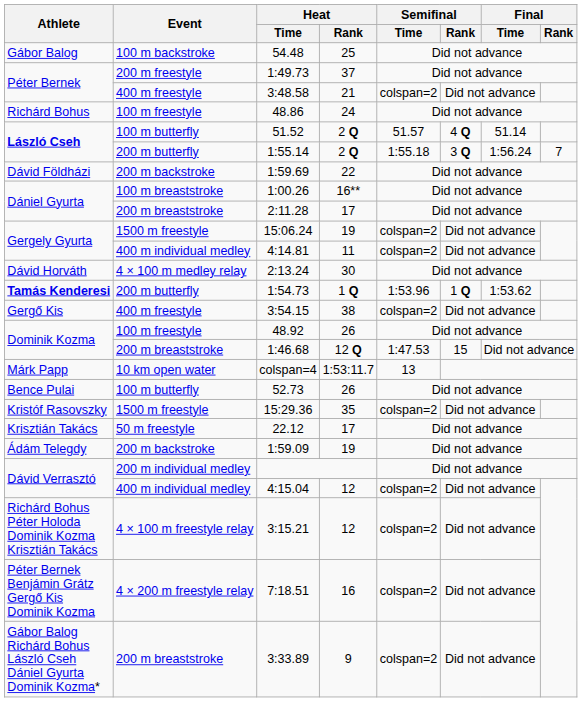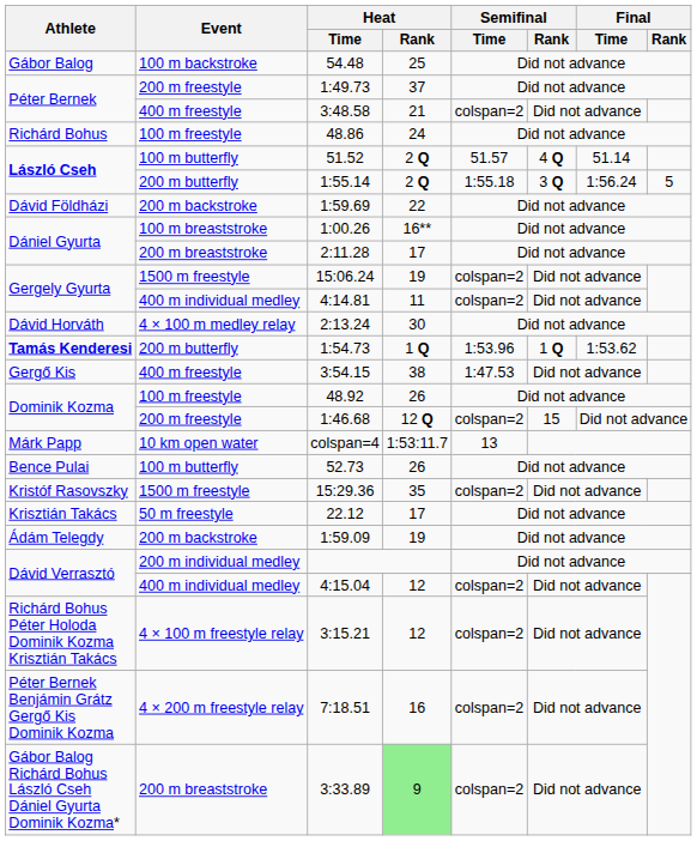 <table class=wikitable style="font-size:90%">
 <tr>
 <th rowspan="2">Athlete</th>
 <th rowspan="2">Event</th>
 <th colspan="2">Heat</th>
 <th colspan="2">Semifinal</th>
 <th colspan="2">Final</th>
 </tr>
 <tr style="font-size:95%">
 <th>Time</th>
 <th>Rank</th>
 <th>Time</th>
 <th>Rank</th>
 <th>Time</th>
 <th>Rank</th>
 </tr>
 <tr align=center>
 <td align=left><a href='#'>Gábor Balog</a></td>
 <td align=left><a href='#'>100 m backstroke</a></td>
 <td>54.48</td>
 <td>25</td>
 <td colspan=4>Did not advance</td>
 </tr>
 <tr align=center>
 <td align=left rowspan=2><a href='#'>Péter Bernek</a></td>
 <td align=left><a href='#'>200 m freestyle</a></td>
 <td>1:49.73</td>
 <td>37</td>
 <td colspan=4>Did not advance</td>
 </tr>
 <tr align=center>
 <td align=left><a href='#'>400 m freestyle</a></td>
 <td>3:48.58</td>
 <td>21</td>
 <td>colspan=2 </td>
 <td colspan=2>Did not advance</td>
 </tr>
 <tr align=center>
 <td align=left><a href='#'>Richárd Bohus</a></td>
 <td align=left><a href='#'>100 m freestyle</a></td>
 <td>48.86</td>
 <td>24</td>
 <td colspan=4>Did not advance</td>
 </tr>
 <tr align=center>
 <td align=left rowspan=2><strong><a href='#'>László Cseh</a></strong></td>
 <td align=left><a href='#'>100 m butterfly</a></td>
 <td>51.52</td>
 <td>2 <strong>Q</strong></td>
 <td>51.57</td>
 <td>4 <strong>Q</strong></td>
 <td>51.14</td>
 <td></td>
 </tr>
 <tr align=center>
 <td align=left><a href='#'>200 m butterfly</a></td>
 <td>1:55.14</td>
 <td>2 <strong>Q</strong></td>
 <td>1:55.18</td>
 <td>3 <strong>Q</strong></td>
 <td>1:56.24</td>
-<td>7</td>
+<td>5</td>
 </tr>
 <tr align=center>
 <td align=left><a href='#'>Dávid Földházi</a></td>
 <td align=left><a href='#'>200 m backstroke</a></td>
 <td>1:59.69</td>
 <td>22</td>
 <td colspan=6>Did not advance</td>
 </tr>
 <tr align=center>
 <td align=left rowspan=2><a href='#'>Dániel Gyurta</a></td>
 <td align=left><a href='#'>100 m breaststroke</a></td>
 <td>1:00.26</td>
 <td>16**</td>
 <td colspan=4>Did not advance</td>
 </tr>
 <tr align=center>
 <td align=left><a href='#'>200 m breaststroke</a></td>
 <td>2:11.28</td>
 <td>17</td>
 <td colspan=4>Did not advance</td>
 </tr>
 <tr align=center>
 <td align=left rowspan=2><a href='#'>Gergely Gyurta</a></td>
 <td align=left><a href='#'>1500 m freestyle</a></td>
 <td>15:06.24</td>
 <td>19</td>
 <td>colspan=2 </td>
 <td colspan=2>Did not advance</td>
 </tr>
 <tr align=center>
 <td align=left><a href='#'>400 m individual medley</a></td>
 <td>4:14.81</td>
 <td>11</td>
 <td>colspan=2 </td>
 <td colspan=2>Did not advance</td>
 </tr>
 <tr align=center>
 <td align=left><a href='#'>Dávid Horváth</a></td>
 <td align=left><a href='#'>4 × 100 m medley relay</a></td>
 <td>2:13.24</td>
 <td>30</td>
 <td colspan=4>Did not advance</td>
 </tr>
 <tr align=center>
 <td align=left><strong><a href='#'>Tamás Kenderesi</a></strong></td>
 <td align=left><a href='#'>200 m butterfly</a></td>
 <td>1:54.73</td>
 <td>1 <strong>Q</strong></td>
 <td>1:53.96</td>
 <td>1 <strong>Q</strong></td>
 <td>1:53.62</td>
 <td></td>
 </tr>
 <tr align=center>
 <td align=left><a href='#'>Gergő Kis</a></td>
 <td align=left><a href='#'>400 m freestyle</a></td>
 <td>3:54.15</td>
 <td>38</td>
-<td>colspan=2 </td>
+<td>1:47.53</td>
 <td colspan=2>Did not advance</td>
 </tr>
 <tr align=center>
 <td align=left rowspan=2><a href='#'>Dominik Kozma</a></td>
 <td align=left><a href='#'>100 m freestyle</a></td>
 <td>48.92</td>
 <td>26</td>
 <td colspan=4>Did not advance</td>
 </tr>
 <tr align=center>
-<td align=left><a href='#'>200 m breaststroke</a></td>
+<td align=left><a href='#'>200 m freestyle</a></td>
 <td>1:46.68</td>
 <td>12 <strong>Q</strong></td>
-<td>1:47.53</td>
+<td>colspan=2 </td>
 <td>15</td>
 <td colspan=2>Did not advance</td>
 </tr>
 <tr align=center>
 <td align=left><a href='#'>Márk Papp</a></td>
 <td align=left><a href='#'>10 km open water</a></td>
 <td>colspan=4 </td>
 <td>1:53:11.7</td>
 <td>13</td>
 </tr>
 <tr align=center>
 <td align=left><a href='#'>Bence Pulai</a></td>
 <td align=left><a href='#'>100 m butterfly</a></td>
 <td>52.73</td>
 <td>26</td>
 <td colspan=4>Did not advance</td>
 </tr>
 <tr align=center>
 <td align=left><a href='#'>Kristóf Rasovszky</a></td>
 <td align=left><a href='#'>1500 m freestyle</a></td>
 <td>15:29.36</td>
 <td>35</td>
 <td>colspan=2 </td>
 <td colspan=2>Did not advance</td>
 </tr>
 <tr align=center>
 <td align=left><a href='#'>Krisztián Takács</a></td>
 <td align=left><a href='#'>50 m freestyle</a></td>
 <td>22.12</td>
 <td>17</td>
 <td colspan=4>Did not advance</td>
 </tr>
 <tr align=center>
 <td align=left><a href='#'>Ádám Telegdy</a></td>
 <td align=left><a href='#'>200 m backstroke</a></td>
 <td>1:59.09</td>
 <td>19</td>
 <td colspan=4>Did not advance</td>
 </tr>
 <tr align=center>
 <td align=left rowspan=2><a href='#'>Dávid Verrasztó</a></td>
 <td align=left><a href='#'>200 m individual medley</a></td>
 <td colspan=2></td>
 <td colspan=4>Did not advance</td>
 </tr>
 <tr align=center>
 <td align=left><a href='#'>400 m individual medley</a></td>
 <td>4:15.04</td>
 <td>12</td>
 <td>colspan=2 </td>
 <td colspan=2>Did not advance</td>
 </tr>
 <tr align=center>
 <td align=left><a href='#'>Richárd Bohus</a><br><a href='#'>Péter Holoda</a><br><a href='#'>Dominik Kozma</a><br><a href='#'>Krisztián Takács</a></td>
 <td align=left><a href='#'>4 × 100 m freestyle relay</a></td>
 <td>3:15.21</td>
 <td>12</td>
 <td>colspan=2 </td>
 <td colspan=2>Did not advance</td>
 </tr>
 <tr align=center>
 <td align=left><a href='#'>Péter Bernek</a><br><a href='#'>Benjámin Grátz</a><br><a href='#'>Gergő Kis</a><br><a href='#'>Dominik Kozma</a></td>
 <td align=left><a href='#'>4 × 200 m freestyle relay</a></td>
 <td>7:18.51</td>
 <td>16</td>
 <td>colspan=2 </td>
 <td colspan=2>Did not advance</td>
 </tr>
 <tr align=center>
 <td align=left><a href='#'>Gábor Balog</a><br><a href='#'>Richárd Bohus</a><br><a href='#'>László Cseh</a><br><a href='#'>Dániel Gyurta</a><br><a href='#'>Dominik Kozma</a>*</td>
 <td align=left><a href='#'>200 m breaststroke</a></td>
 <td>3:33.89</td>
-<td>9</td>
+<td style="background: lightgreen;">9</td>
 <td>colspan=2 </td>
 <td colspan=2>Did not advance</td>
 </tr>
 </table>
